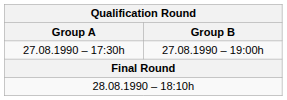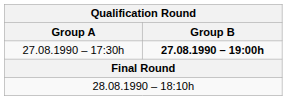 <table class="wikitable" style=" text-align:center; font-size:110%;" width="35%">
 <tr>
 <th colspan="2">Qualification Round</th>
 </tr>
 <tr>
 <th>Group A</th>
 <th>Group B</th>
 </tr>
 <tr>
 <td>27.08.1990 – 17:30h</td>
-<td>27.08.1990 – 19:00h</td>
+<td><strong>27.08.1990 – 19:00h</strong></td>
 </tr>
 <tr>
 <th colspan="2">Final Round</th>
 </tr>
 <tr>
 <td colspan="2">28.08.1990 – 18:10h</td>
 </tr>
 </table>
